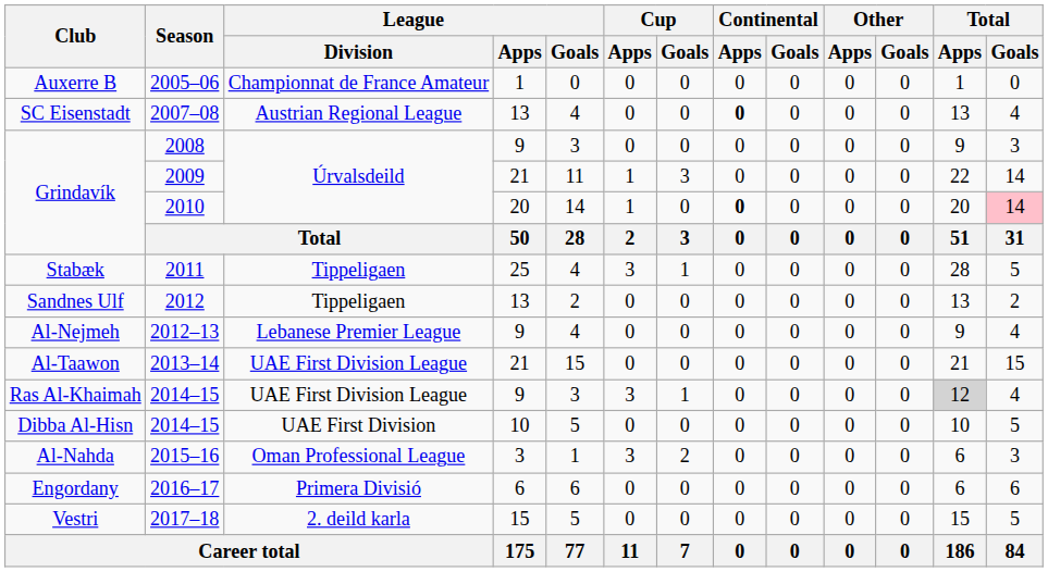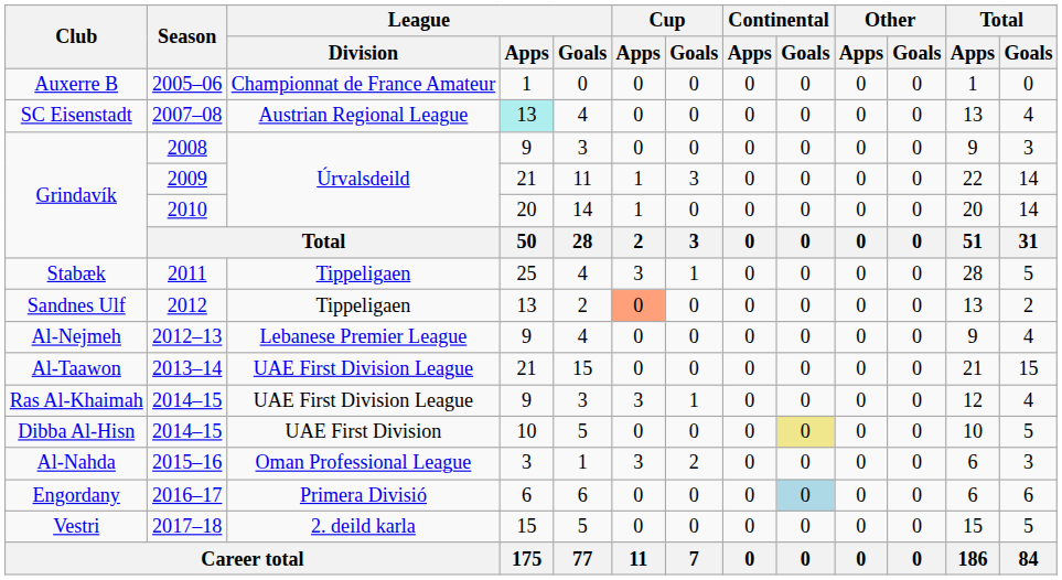 <table class="wikitable" style="text-align:center">
 <tr>
 <th rowspan="2">Club</th>
 <th rowspan="2">Season</th>
 <th colspan="3">League</th>
 <th colspan="2">Cup</th>
 <th colspan="2">Continental</th>
 <th colspan="2">Other</th>
 <th colspan="2">Total</th>
 </tr>
 <tr>
 <th>Division</th>
 <th>Apps</th>
 <th>Goals</th>
 <th>Apps</th>
 <th>Goals</th>
 <th>Apps</th>
 <th>Goals</th>
 <th>Apps</th>
 <th>Goals</th>
 <th>Apps</th>
 <th>Goals</th>
 </tr>
 <tr>
 <td><a href='#'>Auxerre B</a></td>
 <td><a href='#'>2005–06</a></td>
 <td><a href='#'>Championnat de France Amateur</a></td>
 <td>1</td>
 <td>0</td>
 <td>0</td>
 <td>0</td>
 <td>0</td>
 <td>0</td>
 <td>0</td>
 <td>0</td>
 <td>1</td>
 <td>0</td>
 </tr>
 <tr>
 <td><a href='#'>SC Eisenstadt</a></td>
 <td><a href='#'>2007–08</a></td>
 <td><a href='#'>Austrian Regional League</a></td>
-<td>13</td>
+<td style="background: paleturquoise;">13</td>
 <td>4</td>
 <td>0</td>
 <td>0</td>
-<td><strong>0</strong></td>
+<td>0</td>
 <td>0</td>
 <td>0</td>
 <td>0</td>
 <td>13</td>
 <td>4</td>
 </tr>
 <tr>
 <td rowspan="4"><a href='#'>Grindavík</a></td>
 <td><a href='#'>2008</a></td>
 <td rowspan="3"><a href='#'>Úrvalsdeild</a></td>
 <td>9</td>
 <td>3</td>
 <td>0</td>
 <td>0</td>
 <td>0</td>
 <td>0</td>
 <td>0</td>
 <td>0</td>
 <td>9</td>
 <td>3</td>
 </tr>
 <tr>
 <td><a href='#'>2009</a></td>
 <td>21</td>
 <td>11</td>
 <td>1</td>
 <td>3</td>
 <td>0</td>
 <td>0</td>
 <td>0</td>
 <td>0</td>
 <td>22</td>
 <td>14</td>
 </tr>
 <tr>
 <td><a href='#'>2010</a></td>
 <td>20</td>
 <td>14</td>
 <td>1</td>
 <td>0</td>
-<td><strong>0</strong></td>
+<td>0</td>
 <td>0</td>
 <td>0</td>
 <td>0</td>
 <td>20</td>
-<td style="background: pink;">14</td>
+<td>14</td>
 </tr>
 <tr>
 <th colspan="2">Total</th>
 <th>50</th>
 <th>28</th>
 <th>2</th>
 <th>3</th>
 <th>0</th>
 <th>0</th>
 <th>0</th>
 <th>0</th>
 <th>51</th>
 <th>31</th>
 </tr>
 <tr>
 <td><a href='#'>Stabæk</a></td>
 <td><a href='#'>2011</a></td>
 <td><a href='#'>Tippeligaen</a></td>
 <td>25</td>
 <td>4</td>
 <td>3</td>
 <td>1</td>
 <td>0</td>
 <td>0</td>
 <td>0</td>
 <td>0</td>
 <td>28</td>
 <td>5</td>
 </tr>
 <tr>
 <td><a href='#'>Sandnes Ulf</a></td>
 <td><a href='#'>2012</a></td>
 <td>Tippeligaen</td>
 <td>13</td>
 <td>2</td>
-<td>0</td>
+<td style="background: lightsalmon;">0</td>
 <td>0</td>
 <td>0</td>
 <td>0</td>
 <td>0</td>
 <td>0</td>
 <td>13</td>
 <td>2</td>
 </tr>
 <tr>
 <td><a href='#'>Al-Nejmeh</a></td>
 <td><a href='#'>2012–13</a></td>
 <td><a href='#'>Lebanese Premier League</a></td>
 <td>9</td>
 <td>4</td>
 <td>0</td>
 <td>0</td>
 <td>0</td>
 <td>0</td>
 <td>0</td>
 <td>0</td>
 <td>9</td>
 <td>4</td>
 </tr>
 <tr>
 <td><a href='#'>Al-Taawon</a></td>
 <td><a href='#'>2013–14</a></td>
 <td><a href='#'>UAE First Division League</a></td>
 <td>21</td>
 <td>15</td>
 <td>0</td>
 <td>0</td>
 <td>0</td>
 <td>0</td>
 <td>0</td>
 <td>0</td>
 <td>21</td>
 <td>15</td>
 </tr>
 <tr>
 <td><a href='#'>Ras Al-Khaimah</a></td>
 <td><a href='#'>2014–15</a></td>
 <td>UAE First Division League</td>
 <td>9</td>
 <td>3</td>
 <td>3</td>
 <td>1</td>
 <td>0</td>
 <td>0</td>
 <td>0</td>
 <td>0</td>
-<td style="background: lightgrey;">12</td>
+<td>12</td>
 <td>4</td>
 </tr>
 <tr>
 <td><a href='#'>Dibba Al-Hisn</a></td>
 <td><a href='#'>2014–15</a></td>
 <td>UAE First Division</td>
 <td>10</td>
 <td>5</td>
 <td>0</td>
 <td>0</td>
 <td>0</td>
-<td>0</td>
+<td style="background: khaki;">0</td>
 <td>0</td>
 <td>0</td>
 <td>10</td>
 <td>5</td>
 </tr>
 <tr>
 <td><a href='#'>Al-Nahda</a></td>
 <td><a href='#'>2015–16</a></td>
 <td><a href='#'>Oman Professional League</a></td>
 <td>3</td>
 <td>1</td>
 <td>3</td>
 <td>2</td>
 <td>0</td>
 <td>0</td>
 <td>0</td>
 <td>0</td>
 <td>6</td>
 <td>3</td>
 </tr>
 <tr>
 <td><a href='#'>Engordany</a></td>
 <td><a href='#'>2016–17</a></td>
 <td><a href='#'>Primera Divisió</a></td>
 <td>6</td>
 <td>6</td>
 <td>0</td>
 <td>0</td>
 <td>0</td>
-<td>0</td>
+<td style="background: lightblue;">0</td>
 <td>0</td>
 <td>0</td>
 <td>6</td>
 <td>6</td>
 </tr>
 <tr>
 <td><a href='#'>Vestri</a></td>
 <td><a href='#'>2017–18</a></td>
 <td><a href='#'>2. deild karla</a></td>
 <td>15</td>
 <td>5</td>
 <td>0</td>
 <td>0</td>
 <td>0</td>
 <td>0</td>
 <td>0</td>
 <td>0</td>
 <td>15</td>
 <td>5</td>
 </tr>
 <tr>
 <th colspan="3">Career total</th>
 <th>175</th>
 <th>77</th>
 <th>11</th>
 <th>7</th>
 <th>0</th>
 <th>0</th>
 <th>0</th>
 <th>0</th>
 <th>186</th>
 <th>84</th>
 </tr>
 </table>
